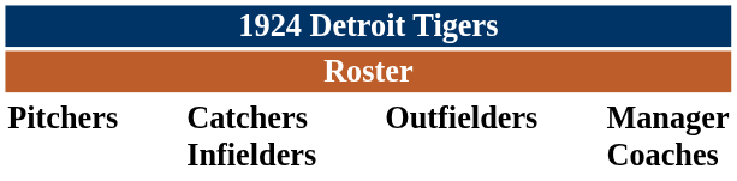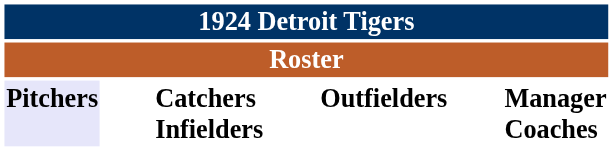 <table class="toccolours" style="font-size: 95%;">
 <tr>
 <th colspan="10" style="background-color: #003366; color: white; text-align: center;">1924 Detroit Tigers</th>
 </tr>
 <tr>
 <td colspan="10" style="background-color: #bd5d29; color: white; text-align: center;"><strong>Roster</strong></td>
 </tr>
 <tr>
-<td valign="top"><strong>Pitchers</strong><br>            </td>
+<td valign="top" style="background: lavender;"><strong>Pitchers</strong><br>            </td>
 <td width="25px"></td>
 <td valign="top"><strong>Catchers</strong><br>   <strong>Infielders</strong>         </td>
 <td width="25px"></td>
 <td valign="top"><strong>Outfielders</strong><br>    </td>
 <td width="25px"></td>
 <td valign="top"><strong>Manager</strong><br> <strong>Coaches</strong> </td>
 </tr>
 </table>
